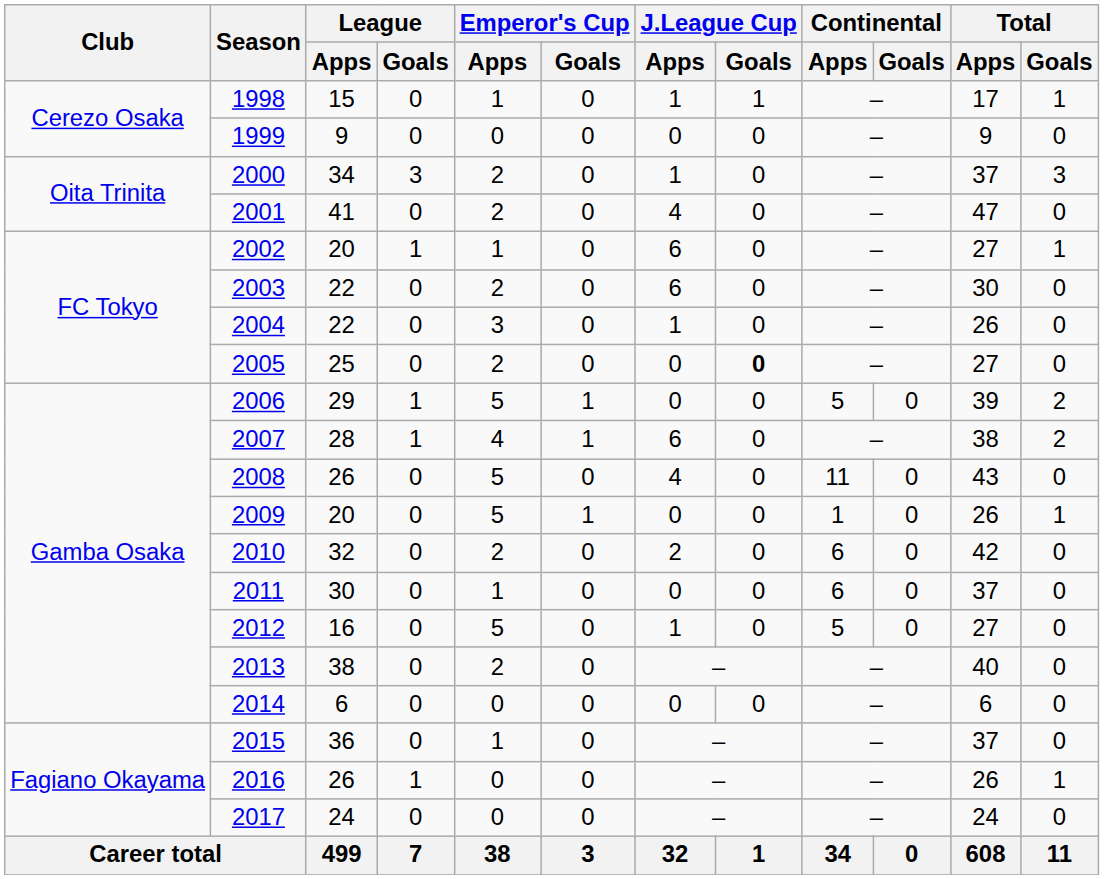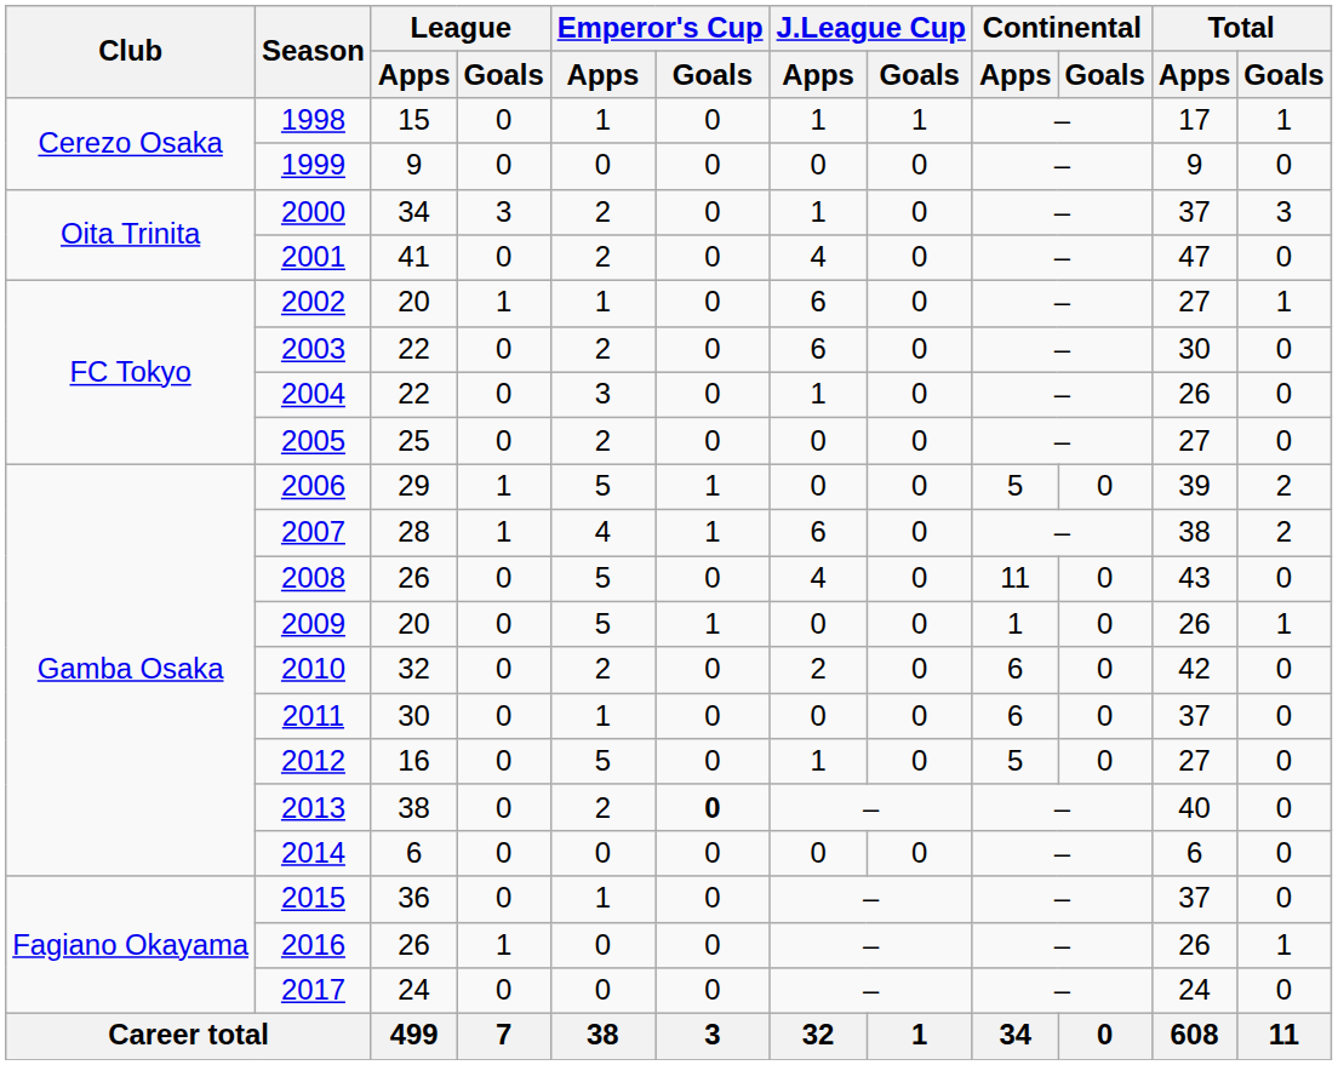 <table class="wikitable" style="text-align:center">
 <tr>
 <th rowspan="2">Club</th>
 <th rowspan="2">Season</th>
 <th colspan="2">League</th>
 <th colspan="2"><a href='#'>Emperor's Cup</a></th>
 <th colspan="2"><a href='#'>J.League Cup</a></th>
 <th colspan="2">Continental</th>
 <th colspan="2">Total</th>
 </tr>
 <tr>
 <th>Apps</th>
 <th>Goals</th>
 <th>Apps</th>
 <th>Goals</th>
 <th>Apps</th>
 <th>Goals</th>
 <th>Apps</th>
 <th>Goals</th>
 <th>Apps</th>
 <th>Goals</th>
 </tr>
 <tr>
 <td rowspan="2"><a href='#'>Cerezo Osaka</a></td>
 <td><a href='#'>1998</a></td>
 <td>15</td>
 <td>0</td>
 <td>1</td>
 <td>0</td>
 <td>1</td>
 <td>1</td>
 <td colspan="2">–</td>
 <td>17</td>
 <td>1</td>
 </tr>
 <tr>
 <td><a href='#'>1999</a></td>
 <td>9</td>
 <td>0</td>
 <td>0</td>
 <td>0</td>
 <td>0</td>
 <td>0</td>
 <td colspan="2">–</td>
 <td>9</td>
 <td>0</td>
 </tr>
 <tr>
 <td rowspan="2"><a href='#'>Oita Trinita</a></td>
 <td><a href='#'>2000</a></td>
 <td>34</td>
 <td>3</td>
 <td>2</td>
 <td>0</td>
 <td>1</td>
 <td>0</td>
 <td colspan="2">–</td>
 <td>37</td>
 <td>3</td>
 </tr>
 <tr>
 <td><a href='#'>2001</a></td>
 <td>41</td>
 <td>0</td>
 <td>2</td>
 <td>0</td>
 <td>4</td>
 <td>0</td>
 <td colspan="2">–</td>
 <td>47</td>
 <td>0</td>
 </tr>
 <tr>
 <td rowspan="4"><a href='#'>FC Tokyo</a></td>
 <td><a href='#'>2002</a></td>
 <td>20</td>
 <td>1</td>
 <td>1</td>
 <td>0</td>
 <td>6</td>
 <td>0</td>
 <td colspan="2">–</td>
 <td>27</td>
 <td>1</td>
 </tr>
 <tr>
 <td><a href='#'>2003</a></td>
 <td>22</td>
 <td>0</td>
 <td>2</td>
 <td>0</td>
 <td>6</td>
 <td>0</td>
 <td colspan="2">–</td>
 <td>30</td>
 <td>0</td>
 </tr>
 <tr>
 <td><a href='#'>2004</a></td>
 <td>22</td>
 <td>0</td>
 <td>3</td>
 <td>0</td>
 <td>1</td>
 <td>0</td>
 <td colspan="2">–</td>
 <td>26</td>
 <td>0</td>
 </tr>
 <tr>
 <td><a href='#'>2005</a></td>
 <td>25</td>
 <td>0</td>
 <td>2</td>
 <td>0</td>
 <td>0</td>
-<td><strong>0</strong></td>
+<td>0</td>
 <td colspan="2">–</td>
 <td>27</td>
 <td>0</td>
 </tr>
 <tr>
 <td rowspan="9"><a href='#'>Gamba Osaka</a></td>
 <td><a href='#'>2006</a></td>
 <td>29</td>
 <td>1</td>
 <td>5</td>
 <td>1</td>
 <td>0</td>
 <td>0</td>
 <td>5</td>
 <td>0</td>
 <td>39</td>
 <td>2</td>
 </tr>
 <tr>
 <td><a href='#'>2007</a></td>
 <td>28</td>
 <td>1</td>
 <td>4</td>
 <td>1</td>
 <td>6</td>
 <td>0</td>
 <td colspan="2">–</td>
 <td>38</td>
 <td>2</td>
 </tr>
 <tr>
 <td><a href='#'>2008</a></td>
 <td>26</td>
 <td>0</td>
 <td>5</td>
 <td>0</td>
 <td>4</td>
 <td>0</td>
 <td>11</td>
 <td>0</td>
 <td>43</td>
 <td>0</td>
 </tr>
 <tr>
 <td><a href='#'>2009</a></td>
 <td>20</td>
 <td>0</td>
 <td>5</td>
 <td>1</td>
 <td>0</td>
 <td>0</td>
 <td>1</td>
 <td>0</td>
 <td>26</td>
 <td>1</td>
 </tr>
 <tr>
 <td><a href='#'>2010</a></td>
 <td>32</td>
 <td>0</td>
 <td>2</td>
 <td>0</td>
 <td>2</td>
 <td>0</td>
 <td>6</td>
 <td>0</td>
 <td>42</td>
 <td>0</td>
 </tr>
 <tr>
 <td><a href='#'>2011</a></td>
 <td>30</td>
 <td>0</td>
 <td>1</td>
 <td>0</td>
 <td>0</td>
 <td>0</td>
 <td>6</td>
 <td>0</td>
 <td>37</td>
 <td>0</td>
 </tr>
 <tr>
 <td><a href='#'>2012</a></td>
 <td>16</td>
 <td>0</td>
 <td>5</td>
 <td>0</td>
 <td>1</td>
 <td>0</td>
 <td>5</td>
 <td>0</td>
 <td>27</td>
 <td>0</td>
 </tr>
 <tr>
 <td><a href='#'>2013</a></td>
 <td>38</td>
 <td>0</td>
 <td>2</td>
-<td>0</td>
+<td><strong>0</strong></td>
 <td colspan="2">–</td>
 <td colspan="2">–</td>
 <td>40</td>
 <td>0</td>
 </tr>
 <tr>
 <td><a href='#'>2014</a></td>
 <td>6</td>
 <td>0</td>
 <td>0</td>
 <td>0</td>
 <td>0</td>
 <td>0</td>
 <td colspan="2">–</td>
 <td>6</td>
 <td>0</td>
 </tr>
 <tr>
 <td rowspan="3"><a href='#'>Fagiano Okayama</a></td>
 <td><a href='#'>2015</a></td>
 <td>36</td>
 <td>0</td>
 <td>1</td>
 <td>0</td>
 <td colspan="2">–</td>
 <td colspan="2">–</td>
 <td>37</td>
 <td>0</td>
 </tr>
 <tr>
 <td><a href='#'>2016</a></td>
 <td>26</td>
 <td>1</td>
 <td>0</td>
 <td>0</td>
 <td colspan="2">–</td>
 <td colspan="2">–</td>
 <td>26</td>
 <td>1</td>
 </tr>
 <tr>
 <td><a href='#'>2017</a></td>
 <td>24</td>
 <td>0</td>
 <td>0</td>
 <td>0</td>
 <td colspan="2">–</td>
 <td colspan="2">–</td>
 <td>24</td>
 <td>0</td>
 </tr>
 <tr>
 <th colspan="2">Career total</th>
 <th>499</th>
 <th>7</th>
 <th>38</th>
 <th>3</th>
 <th>32</th>
 <th>1</th>
 <th>34</th>
 <th>0</th>
 <th>608</th>
 <th>11</th>
 </tr>
 </table>
